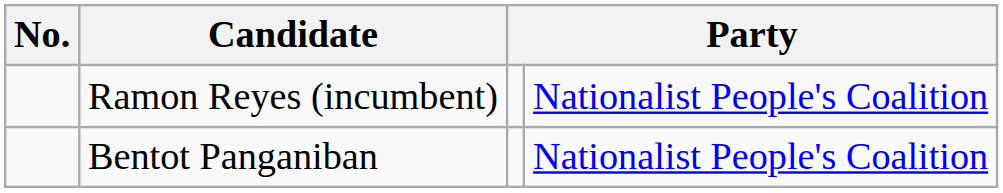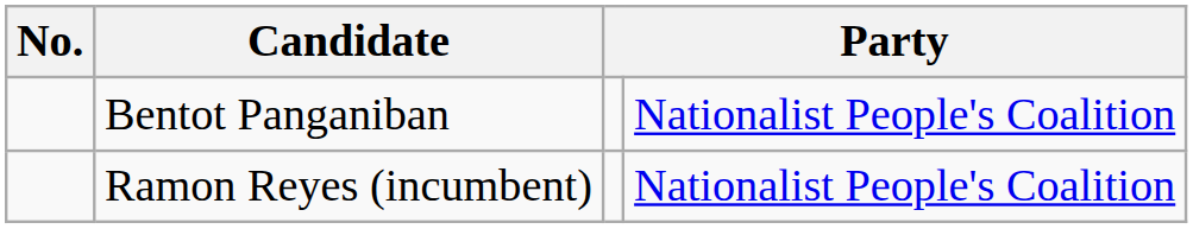 <table class="wikitable sortable" style="text-align:left;">
 <tr>
 <th>No.</th>
 <th>Candidate</th>
 <th colspan="2">Party</th>
 </tr>
 <tr>
 <td></td>
-<td>Ramon Reyes (incumbent)</td>
+<td>Bentot Panganiban</td>
 <td></td>
 <td><a href='#'>Nationalist People's Coalition</a></td>
 </tr>
 <tr>
 <td></td>
-<td>Bentot Panganiban</td>
+<td>Ramon Reyes (incumbent)</td>
 <td></td>
 <td><a href='#'>Nationalist People's Coalition</a></td>
 </tr>
 </table>
